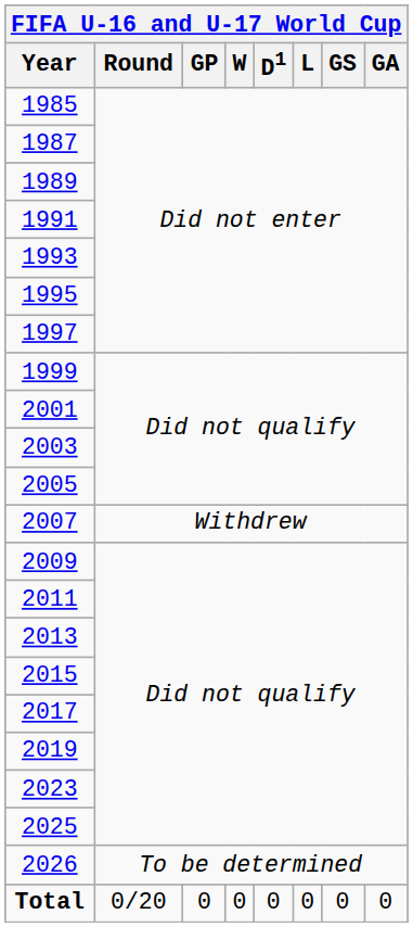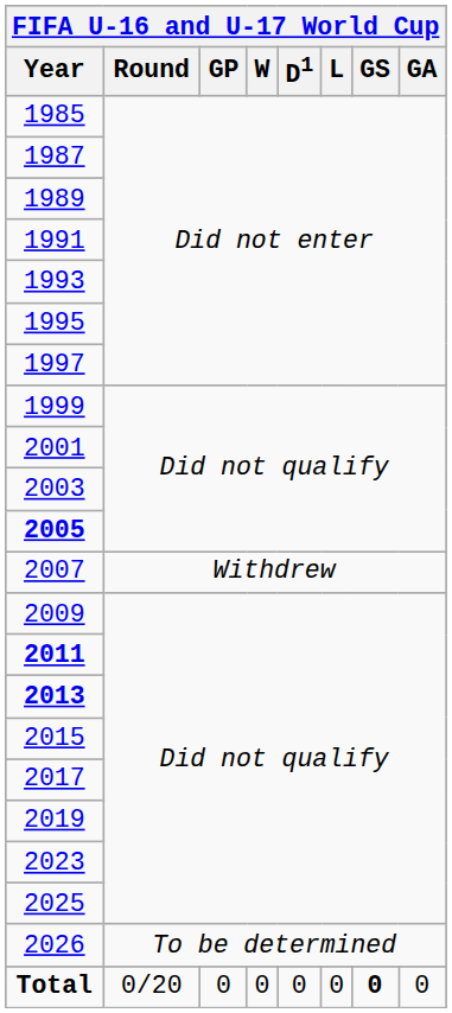 <table class="wikitable" style="text-align: center;">
 <tr>
 <th colspan=8><a href='#'>FIFA U-16 and U-17 World Cup</a></th>
 </tr>
 <tr>
 <th>Year</th>
 <th>Round</th>
 <th>GP</th>
 <th>W</th>
 <th>D<sup>1</sup></th>
 <th>L</th>
 <th>GS</th>
 <th>GA</th>
 </tr>
 <tr>
 <td> <a href='#'>1985</a></td>
 <td rowspan=7 colspan=9><em>Did not enter</em></td>
 </tr>
 <tr>
 <td> <a href='#'>1987</a></td>
 </tr>
 <tr>
 <td> <a href='#'>1989</a></td>
 </tr>
 <tr>
 <td> <a href='#'>1991</a></td>
 </tr>
 <tr>
 <td> <a href='#'>1993</a></td>
 </tr>
 <tr>
 <td> <a href='#'>1995</a></td>
 </tr>
 <tr>
 <td> <a href='#'>1997</a></td>
 </tr>
 <tr>
 <td> <a href='#'>1999</a></td>
 <td rowspan=4 colspan=9><em>Did not qualify</em></td>
 </tr>
 <tr>
 <td> <a href='#'>2001</a></td>
 </tr>
 <tr>
 <td> <a href='#'>2003</a></td>
 </tr>
 <tr>
-<td> <a href='#'>2005</a></td>
+<td><strong> <a href='#'>2005</a></strong></td>
 </tr>
 <tr>
 <td> <a href='#'>2007</a></td>
 <td colspan=9><em>Withdrew</em></td>
 </tr>
 <tr>
 <td> <a href='#'>2009</a></td>
 <td rowspan=8 colspan=9><em>Did not qualify</em></td>
 </tr>
 <tr>
-<td> <a href='#'>2011</a></td>
+<td><strong> <a href='#'>2011</a></strong></td>
 </tr>
 <tr>
-<td> <a href='#'>2013</a></td>
+<td><strong> <a href='#'>2013</a></strong></td>
 </tr>
 <tr>
 <td> <a href='#'>2015</a></td>
 </tr>
 <tr>
 <td> <a href='#'>2017</a></td>
 </tr>
 <tr>
 <td> <a href='#'>2019</a></td>
 </tr>
 <tr>
 <td> <a href='#'>2023</a></td>
 </tr>
 <tr>
 <td> <a href='#'>2025</a></td>
 </tr>
 <tr>
 <td> <a href='#'>2026</a></td>
 <td colspan=7><em>To be determined</em></td>
 </tr>
 <tr>
 <td><strong>Total</strong></td>
 <td>0/20</td>
 <td>0</td>
 <td>0</td>
 <td>0</td>
 <td>0</td>
-<td>0</td>
+<td><strong>0</strong></td>
 <td>0</td>
 </tr>
 </table>
